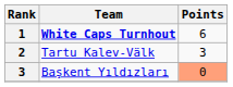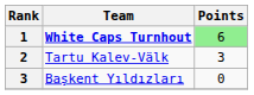 <table class="wikitable" style="text-align: center;">
 <tr>
 <th>Rank</th>
 <th>Team</th>
 <th>Points</th>
 </tr>
 <tr>
 <th>1</th>
 <td style="text-align: left;"> <strong><a href='#'>White Caps Turnhout</a> </strong></td>
-<td>6</td>
+<td style="background: lightgreen;">6</td>
 </tr>
 <tr>
 <th>2</th>
 <td style="text-align: left;"> <a href='#'>Tartu Kalev-Välk</a></td>
 <td>3</td>
 </tr>
 <tr>
 <th>3</th>
 <td style="text-align: left;"> <a href='#'>Başkent Yıldızları</a></td>
-<td style="background: lightsalmon;">0</td>
+<td>0</td>
 </tr>
 <tr>
 </tr>
 </table>
